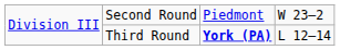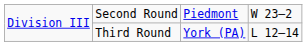 <table class="wikitable">
 <tr>
 <td rowspan="5"><a href='#'>Division III</a></td>
 <td>Second Round</td>
 <td><a href='#'>Piedmont</a></td>
 <td>W 23–2</td>
 </tr>
 <tr>
 <td>Third Round</td>
-<td><strong><a href='#'>York (PA)</a></strong></td>
+<td><a href='#'>York (PA)</a></td>
 <td>L 12–14</td>
 </tr>
 </table>
